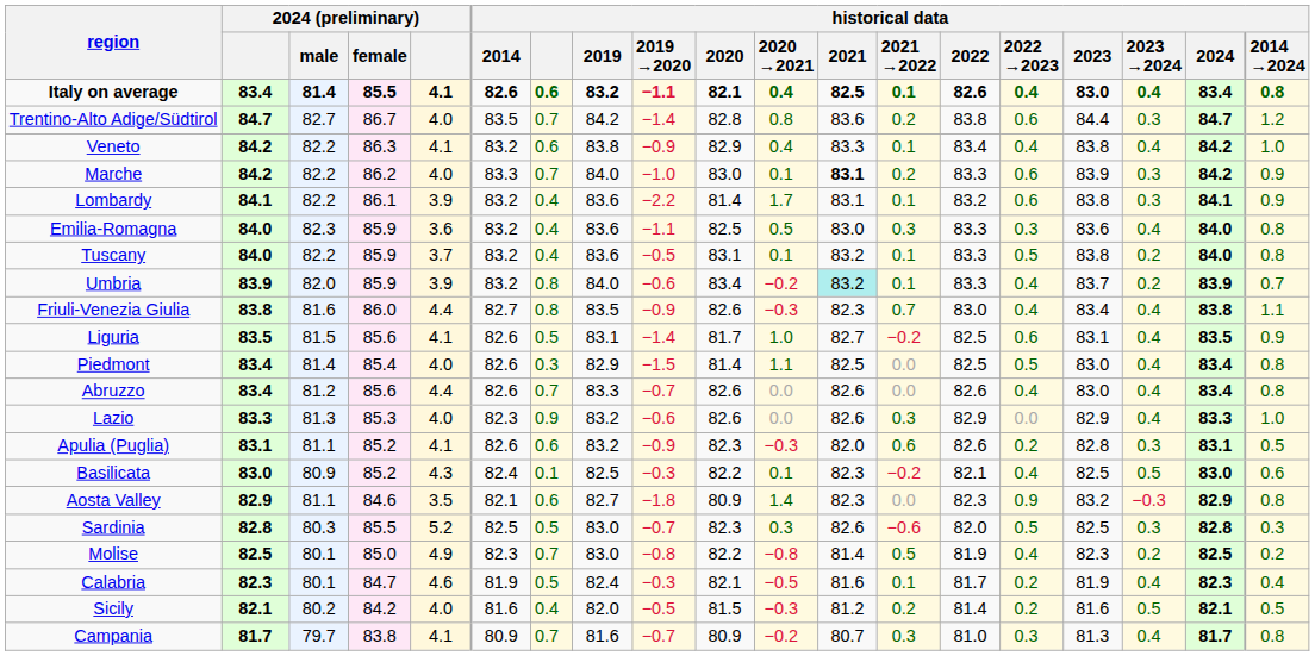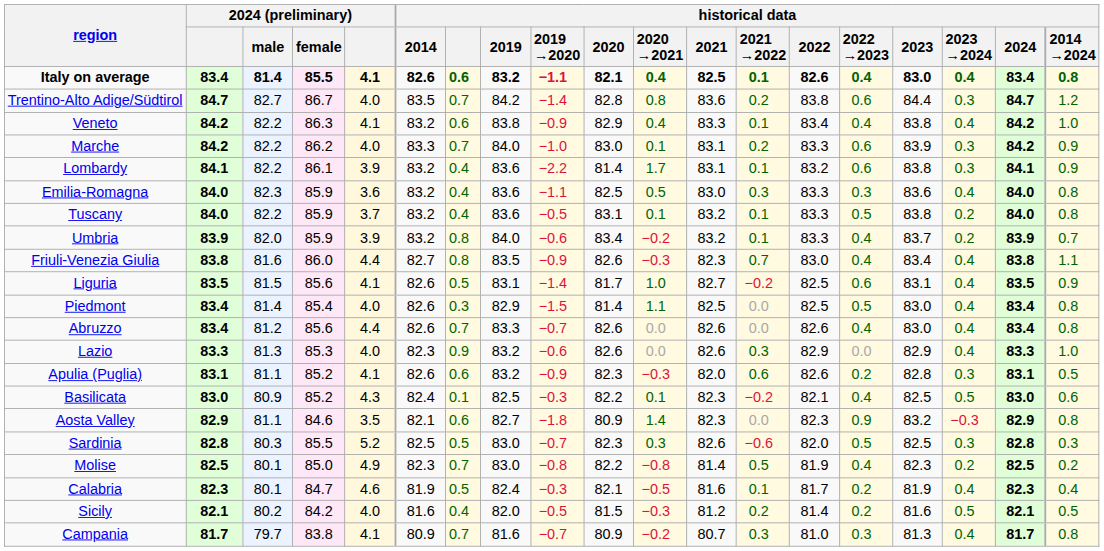 <table class="wikitable sortable mw-datatable static-row-numbers sort-under col1left col7right col9right col11right col13right col15right col17right" style="text-align:center;">
 <tr>
 <th rowspan=2 style="vertical-align:middle;"><a href='#'>region</a></th>
 <th colspan=4>2024 (preliminary)</th>
 <th colspan=14 style="border-left-width:2px;">historical data</th>
 </tr>
 <tr>
 <th style="vertical-align:middle;width:3.5em;"></th>
 <th style="vertical-align:middle;width:3em;">male</th>
 <th style="vertical-align:middle;width:3em;">female</th>
 <th style="width:3em;"></th>
 <th style="border-left-width:2px;width:3em;vertical-align:middle;">2014</th>
 <th style="text-align:left;"></th>
 <th style="vertical-align:middle;width:3em;">2019</th>
 <th style="text-align:left;">2019<br>→2020</th>
 <th style="vertical-align:middle;width:3em;">2020</th>
 <th style="text-align:left;">2020<br>→2021</th>
 <th style="vertical-align:middle;width:3em;">2021</th>
 <th style="text-align:left;">2021<br>→2022</th>
 <th style="vertical-align:middle;width:3em;">2022</th>
 <th style="text-align:left;">2022<br>→2023</th>
 <th style="vertical-align:middle;width:3em;">2023</th>
 <th style="text-align:left;">2023<br>→2024</th>
 <th style="vertical-align:middle;width:3em;">2024</th>
 <th style="text-align:left;border-left-width:2px;">2014<br>→2024</th>
 </tr>
 <tr class=static-row-header>
 <td><strong>Italy on average</strong></td>
 <td style="background:#e0ffd8;"><strong>83.4</strong></td>
 <td style="background:#eaf3ff;"><strong>81.4</strong></td>
 <td style="background:#fee7f6;"><strong>85.5</strong></td>
 <td style="background:#fff8dc;"><strong>4.1</strong></td>
 <td style="border-left-width:2px;"><strong>82.6</strong></td>
 <td style="background:#fffae0;padding-right:1.5ex;color:darkgreen;"><strong>0.6</strong></td>
 <td><strong>83.2</strong></td>
 <td style="background:#fffae0;padding-right:1.5ex;color:crimson;"><strong>−1.1</strong></td>
 <td><strong>82.1</strong></td>
 <td style="background:#fffae0;padding-right:1.5ex;color:darkgreen;"><strong>0.4</strong></td>
 <td><strong>82.5</strong></td>
 <td style="background:#fffae0;padding-right:1.5ex;color:darkgreen;"><strong>0.1</strong></td>
 <td><strong>82.6</strong></td>
 <td style="background:#fffae0;padding-right:1.5ex;color:darkgreen;"><strong>0.4</strong></td>
 <td><strong>83.0</strong></td>
 <td style="background:#fffae0;padding-right:1.5ex;color:darkgreen;"><strong>0.4</strong></td>
 <td style="background:#e0ffd8;"><strong>83.4</strong></td>
 <td style="background:#fffae0;padding-right:1.5ex;color:darkgreen;border-left-width:2px;"><strong>0.8</strong></td>
 </tr>
 <tr>
 <td><a href='#'>Trentino-Alto Adige/Südtirol</a></td>
 <td style="background:#e0ffd8;"><strong>84.7</strong></td>
 <td style="background:#eaf3ff;">82.7</td>
 <td style="background:#fee7f6;">86.7</td>
 <td style="background:#fff8dc;">4.0</td>
 <td style="border-left-width:2px;">83.5</td>
 <td style="background:#fffae0;padding-right:1.5ex;color:darkgreen;">0.7</td>
 <td>84.2</td>
 <td style="background:#fffae0;padding-right:1.5ex;color:crimson;">−1.4</td>
 <td>82.8</td>
 <td style="background:#fffae0;padding-right:1.5ex;color:darkgreen;">0.8</td>
 <td>83.6</td>
 <td style="background:#fffae0;padding-right:1.5ex;color:darkgreen;">0.2</td>
 <td>83.8</td>
 <td style="background:#fffae0;padding-right:1.5ex;color:darkgreen;">0.6</td>
 <td>84.4</td>
 <td style="background:#fffae0;padding-right:1.5ex;color:darkgreen;">0.3</td>
 <td style="background:#e0ffd8;"><strong>84.7</strong></td>
 <td style="background:#fffae0;padding-right:1.5ex;color:darkgreen;border-left-width:2px;">1.2</td>
 </tr>
 <tr>
 <td><a href='#'>Veneto</a></td>
 <td style="background:#e0ffd8;"><strong>84.2</strong></td>
 <td style="background:#eaf3ff;">82.2</td>
 <td style="background:#fee7f6;">86.3</td>
 <td style="background:#fff8dc;">4.1</td>
 <td style="border-left-width:2px;">83.2</td>
 <td style="background:#fffae0;padding-right:1.5ex;color:darkgreen;">0.6</td>
 <td>83.8</td>
 <td style="background:#fffae0;padding-right:1.5ex;color:crimson;">−0.9</td>
 <td>82.9</td>
 <td style="background:#fffae0;padding-right:1.5ex;color:darkgreen;">0.4</td>
 <td>83.3</td>
 <td style="background:#fffae0;padding-right:1.5ex;color:darkgreen;">0.1</td>
 <td>83.4</td>
 <td style="background:#fffae0;padding-right:1.5ex;color:darkgreen;">0.4</td>
 <td>83.8</td>
 <td style="background:#fffae0;padding-right:1.5ex;color:darkgreen;">0.4</td>
 <td style="background:#e0ffd8;"><strong>84.2</strong></td>
 <td style="background:#fffae0;padding-right:1.5ex;color:darkgreen;border-left-width:2px;">1.0</td>
 </tr>
 <tr>
 <td><a href='#'>Marche</a></td>
 <td style="background:#e0ffd8;"><strong>84.2</strong></td>
 <td style="background:#eaf3ff;">82.2</td>
 <td style="background:#fee7f6;">86.2</td>
 <td style="background:#fff8dc;">4.0</td>
 <td style="border-left-width:2px;">83.3</td>
 <td style="background:#fffae0;padding-right:1.5ex;color:darkgreen;">0.7</td>
 <td>84.0</td>
 <td style="background:#fffae0;padding-right:1.5ex;color:crimson;">−1.0</td>
 <td>83.0</td>
 <td style="background:#fffae0;padding-right:1.5ex;color:darkgreen;">0.1</td>
-<td><strong>83.1</strong></td>
+<td>83.1</td>
 <td style="background:#fffae0;padding-right:1.5ex;color:darkgreen;">0.2</td>
 <td>83.3</td>
 <td style="background:#fffae0;padding-right:1.5ex;color:darkgreen;">0.6</td>
 <td>83.9</td>
 <td style="background:#fffae0;padding-right:1.5ex;color:darkgreen;">0.3</td>
 <td style="background:#e0ffd8;"><strong>84.2</strong></td>
 <td style="background:#fffae0;padding-right:1.5ex;color:darkgreen;border-left-width:2px;">0.9</td>
 </tr>
 <tr>
 <td><a href='#'>Lombardy</a></td>
 <td style="background:#e0ffd8;"><strong>84.1</strong></td>
 <td style="background:#eaf3ff;">82.2</td>
 <td style="background:#fee7f6;">86.1</td>
 <td style="background:#fff8dc;">3.9</td>
 <td style="border-left-width:2px;">83.2</td>
 <td style="background:#fffae0;padding-right:1.5ex;color:darkgreen;">0.4</td>
 <td>83.6</td>
 <td style="background:#fffae0;padding-right:1.5ex;color:crimson;">−2.2</td>
 <td>81.4</td>
 <td style="background:#fffae0;padding-right:1.5ex;color:darkgreen;">1.7</td>
 <td>83.1</td>
 <td style="background:#fffae0;padding-right:1.5ex;color:darkgreen;">0.1</td>
 <td>83.2</td>
 <td style="background:#fffae0;padding-right:1.5ex;color:darkgreen;">0.6</td>
 <td>83.8</td>
 <td style="background:#fffae0;padding-right:1.5ex;color:darkgreen;">0.3</td>
 <td style="background:#e0ffd8;"><strong>84.1</strong></td>
 <td style="background:#fffae0;padding-right:1.5ex;color:darkgreen;border-left-width:2px;">0.9</td>
 </tr>
 <tr>
 <td><a href='#'>Emilia-Romagna</a></td>
 <td style="background:#e0ffd8;"><strong>84.0</strong></td>
 <td style="background:#eaf3ff;">82.3</td>
 <td style="background:#fee7f6;">85.9</td>
 <td style="background:#fff8dc;">3.6</td>
 <td style="border-left-width:2px;">83.2</td>
 <td style="background:#fffae0;padding-right:1.5ex;color:darkgreen;">0.4</td>
 <td>83.6</td>
 <td style="background:#fffae0;padding-right:1.5ex;color:crimson;">−1.1</td>
 <td>82.5</td>
 <td style="background:#fffae0;padding-right:1.5ex;color:darkgreen;">0.5</td>
 <td>83.0</td>
 <td style="background:#fffae0;padding-right:1.5ex;color:darkgreen;">0.3</td>
 <td>83.3</td>
 <td style="background:#fffae0;padding-right:1.5ex;color:darkgreen;">0.3</td>
 <td>83.6</td>
 <td style="background:#fffae0;padding-right:1.5ex;color:darkgreen;">0.4</td>
 <td style="background:#e0ffd8;"><strong>84.0</strong></td>
 <td style="background:#fffae0;padding-right:1.5ex;color:darkgreen;border-left-width:2px;">0.8</td>
 </tr>
 <tr>
 <td><a href='#'>Tuscany</a></td>
 <td style="background:#e0ffd8;"><strong>84.0</strong></td>
 <td style="background:#eaf3ff;">82.2</td>
 <td style="background:#fee7f6;">85.9</td>
 <td style="background:#fff8dc;">3.7</td>
 <td style="border-left-width:2px;">83.2</td>
 <td style="background:#fffae0;padding-right:1.5ex;color:darkgreen;">0.4</td>
 <td>83.6</td>
 <td style="background:#fffae0;padding-right:1.5ex;color:crimson;">−0.5</td>
 <td>83.1</td>
 <td style="background:#fffae0;padding-right:1.5ex;color:darkgreen;">0.1</td>
 <td>83.2</td>
 <td style="background:#fffae0;padding-right:1.5ex;color:darkgreen;">0.1</td>
 <td>83.3</td>
 <td style="background:#fffae0;padding-right:1.5ex;color:darkgreen;">0.5</td>
 <td>83.8</td>
 <td style="background:#fffae0;padding-right:1.5ex;color:darkgreen;">0.2</td>
 <td style="background:#e0ffd8;"><strong>84.0</strong></td>
 <td style="background:#fffae0;padding-right:1.5ex;color:darkgreen;border-left-width:2px;">0.8</td>
 </tr>
 <tr>
 <td><a href='#'>Umbria</a></td>
 <td style="background:#e0ffd8;"><strong>83.9</strong></td>
 <td style="background:#eaf3ff;">82.0</td>
 <td style="background:#fee7f6;">85.9</td>
 <td style="background:#fff8dc;">3.9</td>
 <td style="border-left-width:2px;">83.2</td>
 <td style="background:#fffae0;padding-right:1.5ex;color:darkgreen;">0.8</td>
 <td>84.0</td>
 <td style="background:#fffae0;padding-right:1.5ex;color:crimson;">−0.6</td>
 <td>83.4</td>
 <td style="background:#fffae0;padding-right:1.5ex;color:crimson;">−0.2</td>
-<td style="background: paleturquoise;">83.2</td>
+<td>83.2</td>
 <td style="background:#fffae0;padding-right:1.5ex;color:darkgreen;">0.1</td>
 <td>83.3</td>
 <td style="background:#fffae0;padding-right:1.5ex;color:darkgreen;">0.4</td>
 <td>83.7</td>
 <td style="background:#fffae0;padding-right:1.5ex;color:darkgreen;">0.2</td>
 <td style="background:#e0ffd8;"><strong>83.9</strong></td>
 <td style="background:#fffae0;padding-right:1.5ex;color:darkgreen;border-left-width:2px;">0.7</td>
 </tr>
 <tr>
 <td><a href='#'>Friuli-Venezia Giulia</a></td>
 <td style="background:#e0ffd8;"><strong>83.8</strong></td>
 <td style="background:#eaf3ff;">81.6</td>
 <td style="background:#fee7f6;">86.0</td>
 <td style="background:#fff8dc;">4.4</td>
 <td style="border-left-width:2px;">82.7</td>
 <td style="background:#fffae0;padding-right:1.5ex;color:darkgreen;">0.8</td>
 <td>83.5</td>
 <td style="background:#fffae0;padding-right:1.5ex;color:crimson;">−0.9</td>
 <td>82.6</td>
 <td style="background:#fffae0;padding-right:1.5ex;color:crimson;">−0.3</td>
 <td>82.3</td>
 <td style="background:#fffae0;padding-right:1.5ex;color:darkgreen;">0.7</td>
 <td>83.0</td>
 <td style="background:#fffae0;padding-right:1.5ex;color:darkgreen;">0.4</td>
 <td>83.4</td>
 <td style="background:#fffae0;padding-right:1.5ex;color:darkgreen;">0.4</td>
 <td style="background:#e0ffd8;"><strong>83.8</strong></td>
 <td style="background:#fffae0;padding-right:1.5ex;color:darkgreen;border-left-width:2px;">1.1</td>
 </tr>
 <tr>
 <td><a href='#'>Liguria</a></td>
 <td style="background:#e0ffd8;"><strong>83.5</strong></td>
 <td style="background:#eaf3ff;">81.5</td>
 <td style="background:#fee7f6;">85.6</td>
 <td style="background:#fff8dc;">4.1</td>
 <td style="border-left-width:2px;">82.6</td>
 <td style="background:#fffae0;padding-right:1.5ex;color:darkgreen;">0.5</td>
 <td>83.1</td>
 <td style="background:#fffae0;padding-right:1.5ex;color:crimson;">−1.4</td>
 <td>81.7</td>
 <td style="background:#fffae0;padding-right:1.5ex;color:darkgreen;">1.0</td>
 <td>82.7</td>
 <td style="background:#fffae0;padding-right:1.5ex;color:crimson;">−0.2</td>
 <td>82.5</td>
 <td style="background:#fffae0;padding-right:1.5ex;color:darkgreen;">0.6</td>
 <td>83.1</td>
 <td style="background:#fffae0;padding-right:1.5ex;color:darkgreen;">0.4</td>
 <td style="background:#e0ffd8;"><strong>83.5</strong></td>
 <td style="background:#fffae0;padding-right:1.5ex;color:darkgreen;border-left-width:2px;">0.9</td>
 </tr>
 <tr>
 <td><a href='#'>Piedmont</a></td>
 <td style="background:#e0ffd8;"><strong>83.4</strong></td>
 <td style="background:#eaf3ff;">81.4</td>
 <td style="background:#fee7f6;">85.4</td>
 <td style="background:#fff8dc;">4.0</td>
 <td style="border-left-width:2px;">82.6</td>
 <td style="background:#fffae0;padding-right:1.5ex;color:darkgreen;">0.3</td>
 <td>82.9</td>
 <td style="background:#fffae0;padding-right:1.5ex;color:crimson;">−1.5</td>
 <td>81.4</td>
 <td style="background:#fffae0;padding-right:1.5ex;color:darkgreen;">1.1</td>
 <td>82.5</td>
 <td style="background:#fffae0;padding-right:1.5ex;color:darkgray;">0.0</td>
 <td>82.5</td>
 <td style="background:#fffae0;padding-right:1.5ex;color:darkgreen;">0.5</td>
 <td>83.0</td>
 <td style="background:#fffae0;padding-right:1.5ex;color:darkgreen;">0.4</td>
 <td style="background:#e0ffd8;"><strong>83.4</strong></td>
 <td style="background:#fffae0;padding-right:1.5ex;color:darkgreen;border-left-width:2px;">0.8</td>
 </tr>
 <tr>
 <td><a href='#'>Abruzzo</a></td>
 <td style="background:#e0ffd8;"><strong>83.4</strong></td>
 <td style="background:#eaf3ff;">81.2</td>
 <td style="background:#fee7f6;">85.6</td>
 <td style="background:#fff8dc;">4.4</td>
 <td style="border-left-width:2px;">82.6</td>
 <td style="background:#fffae0;padding-right:1.5ex;color:darkgreen;">0.7</td>
 <td>83.3</td>
 <td style="background:#fffae0;padding-right:1.5ex;color:crimson;">−0.7</td>
 <td>82.6</td>
 <td style="background:#fffae0;padding-right:1.5ex;color:darkgray;">0.0</td>
 <td>82.6</td>
 <td style="background:#fffae0;padding-right:1.5ex;color:darkgray;">0.0</td>
 <td>82.6</td>
 <td style="background:#fffae0;padding-right:1.5ex;color:darkgreen;">0.4</td>
 <td>83.0</td>
 <td style="background:#fffae0;padding-right:1.5ex;color:darkgreen;">0.4</td>
 <td style="background:#e0ffd8;"><strong>83.4</strong></td>
 <td style="background:#fffae0;padding-right:1.5ex;color:darkgreen;border-left-width:2px;">0.8</td>
 </tr>
 <tr>
 <td><a href='#'>Lazio</a></td>
 <td style="background:#e0ffd8;"><strong>83.3</strong></td>
 <td style="background:#eaf3ff;">81.3</td>
 <td style="background:#fee7f6;">85.3</td>
 <td style="background:#fff8dc;">4.0</td>
 <td style="border-left-width:2px;">82.3</td>
 <td style="background:#fffae0;padding-right:1.5ex;color:darkgreen;">0.9</td>
 <td>83.2</td>
 <td style="background:#fffae0;padding-right:1.5ex;color:crimson;">−0.6</td>
 <td>82.6</td>
 <td style="background:#fffae0;padding-right:1.5ex;color:darkgray;">0.0</td>
 <td>82.6</td>
 <td style="background:#fffae0;padding-right:1.5ex;color:darkgreen;">0.3</td>
 <td>82.9</td>
 <td style="background:#fffae0;padding-right:1.5ex;color:darkgray;">0.0</td>
 <td>82.9</td>
 <td style="background:#fffae0;padding-right:1.5ex;color:darkgreen;">0.4</td>
 <td style="background:#e0ffd8;"><strong>83.3</strong></td>
 <td style="background:#fffae0;padding-right:1.5ex;color:darkgreen;border-left-width:2px;">1.0</td>
 </tr>
 <tr>
 <td><a href='#'>Apulia (Puglia)</a></td>
 <td style="background:#e0ffd8;"><strong>83.1</strong></td>
 <td style="background:#eaf3ff;">81.1</td>
 <td style="background:#fee7f6;">85.2</td>
 <td style="background:#fff8dc;">4.1</td>
 <td style="border-left-width:2px;">82.6</td>
 <td style="background:#fffae0;padding-right:1.5ex;color:darkgreen;">0.6</td>
 <td>83.2</td>
 <td style="background:#fffae0;padding-right:1.5ex;color:crimson;">−0.9</td>
 <td>82.3</td>
 <td style="background:#fffae0;padding-right:1.5ex;color:crimson;">−0.3</td>
 <td>82.0</td>
 <td style="background:#fffae0;padding-right:1.5ex;color:darkgreen;">0.6</td>
 <td>82.6</td>
 <td style="background:#fffae0;padding-right:1.5ex;color:darkgreen;">0.2</td>
 <td>82.8</td>
 <td style="background:#fffae0;padding-right:1.5ex;color:darkgreen;">0.3</td>
 <td style="background:#e0ffd8;"><strong>83.1</strong></td>
 <td style="background:#fffae0;padding-right:1.5ex;color:darkgreen;border-left-width:2px;">0.5</td>
 </tr>
 <tr>
 <td><a href='#'>Basilicata</a></td>
 <td style="background:#e0ffd8;"><strong>83.0</strong></td>
 <td style="background:#eaf3ff;">80.9</td>
 <td style="background:#fee7f6;">85.2</td>
 <td style="background:#fff8dc;">4.3</td>
 <td style="border-left-width:2px;">82.4</td>
 <td style="background:#fffae0;padding-right:1.5ex;color:darkgreen;">0.1</td>
 <td>82.5</td>
 <td style="background:#fffae0;padding-right:1.5ex;color:crimson;">−0.3</td>
 <td>82.2</td>
 <td style="background:#fffae0;padding-right:1.5ex;color:darkgreen;">0.1</td>
 <td>82.3</td>
 <td style="background:#fffae0;padding-right:1.5ex;color:crimson;">−0.2</td>
 <td>82.1</td>
 <td style="background:#fffae0;padding-right:1.5ex;color:darkgreen;">0.4</td>
 <td>82.5</td>
 <td style="background:#fffae0;padding-right:1.5ex;color:darkgreen;">0.5</td>
 <td style="background:#e0ffd8;"><strong>83.0</strong></td>
 <td style="background:#fffae0;padding-right:1.5ex;color:darkgreen;border-left-width:2px;">0.6</td>
 </tr>
 <tr>
 <td><a href='#'>Aosta Valley</a></td>
 <td style="background:#e0ffd8;"><strong>82.9</strong></td>
 <td style="background:#eaf3ff;">81.1</td>
 <td style="background:#fee7f6;">84.6</td>
 <td style="background:#fff8dc;">3.5</td>
 <td style="border-left-width:2px;">82.1</td>
 <td style="background:#fffae0;padding-right:1.5ex;color:darkgreen;">0.6</td>
 <td>82.7</td>
 <td style="background:#fffae0;padding-right:1.5ex;color:crimson;">−1.8</td>
 <td>80.9</td>
 <td style="background:#fffae0;padding-right:1.5ex;color:darkgreen;">1.4</td>
 <td>82.3</td>
 <td style="background:#fffae0;padding-right:1.5ex;color:darkgray;">0.0</td>
 <td>82.3</td>
 <td style="background:#fffae0;padding-right:1.5ex;color:darkgreen;">0.9</td>
 <td>83.2</td>
 <td style="background:#fffae0;padding-right:1.5ex;color:crimson;">−0.3</td>
 <td style="background:#e0ffd8;"><strong>82.9</strong></td>
 <td style="background:#fffae0;padding-right:1.5ex;color:darkgreen;border-left-width:2px;">0.8</td>
 </tr>
 <tr>
 <td><a href='#'>Sardinia</a></td>
 <td style="background:#e0ffd8;"><strong>82.8</strong></td>
 <td style="background:#eaf3ff;">80.3</td>
 <td style="background:#fee7f6;">85.5</td>
 <td style="background:#fff8dc;">5.2</td>
 <td style="border-left-width:2px;">82.5</td>
 <td style="background:#fffae0;padding-right:1.5ex;color:darkgreen;">0.5</td>
 <td>83.0</td>
 <td style="background:#fffae0;padding-right:1.5ex;color:crimson;">−0.7</td>
 <td>82.3</td>
 <td style="background:#fffae0;padding-right:1.5ex;color:darkgreen;">0.3</td>
 <td>82.6</td>
 <td style="background:#fffae0;padding-right:1.5ex;color:crimson;">−0.6</td>
 <td>82.0</td>
 <td style="background:#fffae0;padding-right:1.5ex;color:darkgreen;">0.5</td>
 <td>82.5</td>
 <td style="background:#fffae0;padding-right:1.5ex;color:darkgreen;">0.3</td>
 <td style="background:#e0ffd8;"><strong>82.8</strong></td>
 <td style="background:#fffae0;padding-right:1.5ex;color:darkgreen;border-left-width:2px;">0.3</td>
 </tr>
 <tr>
 <td><a href='#'>Molise</a></td>
 <td style="background:#e0ffd8;"><strong>82.5</strong></td>
 <td style="background:#eaf3ff;">80.1</td>
 <td style="background:#fee7f6;">85.0</td>
 <td style="background:#fff8dc;">4.9</td>
 <td style="border-left-width:2px;">82.3</td>
 <td style="background:#fffae0;padding-right:1.5ex;color:darkgreen;">0.7</td>
 <td>83.0</td>
 <td style="background:#fffae0;padding-right:1.5ex;color:crimson;">−0.8</td>
 <td>82.2</td>
 <td style="background:#fffae0;padding-right:1.5ex;color:crimson;">−0.8</td>
 <td>81.4</td>
 <td style="background:#fffae0;padding-right:1.5ex;color:darkgreen;">0.5</td>
 <td>81.9</td>
 <td style="background:#fffae0;padding-right:1.5ex;color:darkgreen;">0.4</td>
 <td>82.3</td>
 <td style="background:#fffae0;padding-right:1.5ex;color:darkgreen;">0.2</td>
 <td style="background:#e0ffd8;"><strong>82.5</strong></td>
 <td style="background:#fffae0;padding-right:1.5ex;color:darkgreen;border-left-width:2px;">0.2</td>
 </tr>
 <tr>
 <td><a href='#'>Calabria</a></td>
 <td style="background:#e0ffd8;"><strong>82.3</strong></td>
 <td style="background:#eaf3ff;">80.1</td>
 <td style="background:#fee7f6;">84.7</td>
 <td style="background:#fff8dc;">4.6</td>
 <td style="border-left-width:2px;">81.9</td>
 <td style="background:#fffae0;padding-right:1.5ex;color:darkgreen;">0.5</td>
 <td>82.4</td>
 <td style="background:#fffae0;padding-right:1.5ex;color:crimson;">−0.3</td>
 <td>82.1</td>
 <td style="background:#fffae0;padding-right:1.5ex;color:crimson;">−0.5</td>
 <td>81.6</td>
 <td style="background:#fffae0;padding-right:1.5ex;color:darkgreen;">0.1</td>
 <td>81.7</td>
 <td style="background:#fffae0;padding-right:1.5ex;color:darkgreen;">0.2</td>
 <td>81.9</td>
 <td style="background:#fffae0;padding-right:1.5ex;color:darkgreen;">0.4</td>
 <td style="background:#e0ffd8;"><strong>82.3</strong></td>
 <td style="background:#fffae0;padding-right:1.5ex;color:darkgreen;border-left-width:2px;">0.4</td>
 </tr>
 <tr>
 <td><a href='#'>Sicily</a></td>
 <td style="background:#e0ffd8;"><strong>82.1</strong></td>
 <td style="background:#eaf3ff;">80.2</td>
 <td style="background:#fee7f6;">84.2</td>
 <td style="background:#fff8dc;">4.0</td>
 <td style="border-left-width:2px;">81.6</td>
 <td style="background:#fffae0;padding-right:1.5ex;color:darkgreen;">0.4</td>
 <td>82.0</td>
 <td style="background:#fffae0;padding-right:1.5ex;color:crimson;">−0.5</td>
 <td>81.5</td>
 <td style="background:#fffae0;padding-right:1.5ex;color:crimson;">−0.3</td>
 <td>81.2</td>
 <td style="background:#fffae0;padding-right:1.5ex;color:darkgreen;">0.2</td>
 <td>81.4</td>
 <td style="background:#fffae0;padding-right:1.5ex;color:darkgreen;">0.2</td>
 <td>81.6</td>
 <td style="background:#fffae0;padding-right:1.5ex;color:darkgreen;">0.5</td>
 <td style="background:#e0ffd8;"><strong>82.1</strong></td>
 <td style="background:#fffae0;padding-right:1.5ex;color:darkgreen;border-left-width:2px;">0.5</td>
 </tr>
 <tr>
 <td><a href='#'>Campania</a></td>
 <td style="background:#e0ffd8;"><strong>81.7</strong></td>
 <td style="background:#eaf3ff;">79.7</td>
 <td style="background:#fee7f6;">83.8</td>
 <td style="background:#fff8dc;">4.1</td>
 <td style="border-left-width:2px;">80.9</td>
 <td style="background:#fffae0;padding-right:1.5ex;color:darkgreen;">0.7</td>
 <td>81.6</td>
 <td style="background:#fffae0;padding-right:1.5ex;color:crimson;">−0.7</td>
 <td>80.9</td>
 <td style="background:#fffae0;padding-right:1.5ex;color:crimson;">−0.2</td>
 <td>80.7</td>
 <td style="background:#fffae0;padding-right:1.5ex;color:darkgreen;">0.3</td>
 <td>81.0</td>
 <td style="background:#fffae0;padding-right:1.5ex;color:darkgreen;">0.3</td>
 <td>81.3</td>
 <td style="background:#fffae0;padding-right:1.5ex;color:darkgreen;">0.4</td>
 <td style="background:#e0ffd8;"><strong>81.7</strong></td>
 <td style="background:#fffae0;padding-right:1.5ex;color:darkgreen;border-left-width:2px;">0.8</td>
 </tr>
 </table>
